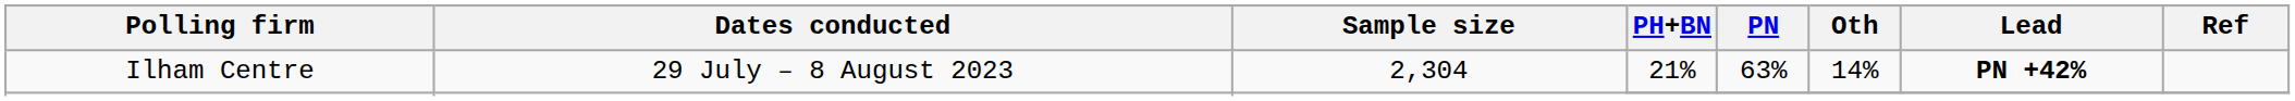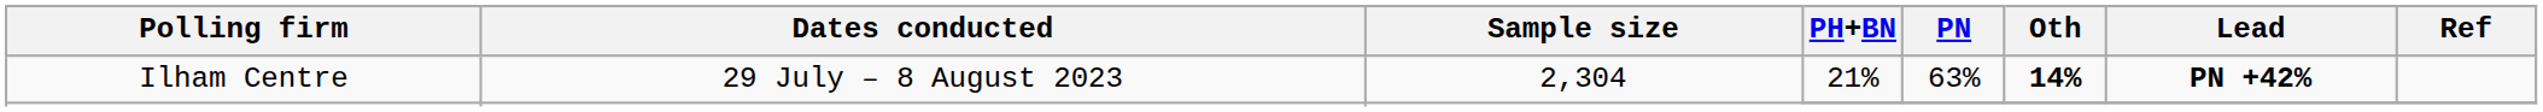 <table class="wikitable unsortable" style="text-align:center;font-size:90%;line-height:1.2">
 <tr>
 <th>Polling firm</th>
 <th>Dates conducted</th>
 <th>Sample size</th>
 <th style="width:4%; "><a href='#'>PH</a>+<a href='#'>BN</a></th>
 <th style="width:4%; "><a href='#'>PN</a></th>
 <th style="width:4%; ">Oth</th>
 <th>Lead</th>
 <th>Ref</th>
 </tr>
 <tr>
 <td rowspan="6">Ilham Centre</td>
 <td rowspan="6">29 July – 8 August 2023</td>
 <td rowspan="6">2,304</td>
 <td>21%</td>
 <td>63%</td>
-<td>14%</td>
+<td><strong>14%</strong></td>
 <td><strong>PN +42%</strong></td>
 <td></td>
 </tr>
 <tr>
 </tr>
 </table>
